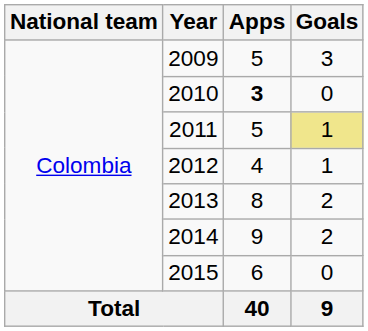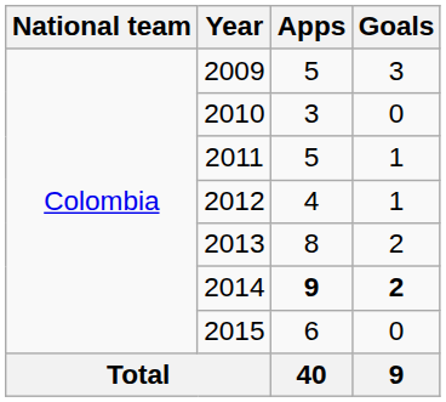 <table class="wikitable" style="text-align:center">
 <tr>
 <th>National team</th>
 <th>Year</th>
 <th>Apps</th>
 <th>Goals</th>
 </tr>
 <tr>
 <td rowspan="7"><a href='#'>Colombia</a></td>
 <td>2009</td>
 <td>5</td>
 <td>3</td>
 </tr>
 <tr>
 <td>2010</td>
-<td><strong>3</strong></td>
+<td>3</td>
 <td>0</td>
 </tr>
 <tr>
 <td>2011</td>
 <td>5</td>
-<td style="background: khaki;">1</td>
+<td>1</td>
 </tr>
 <tr>
 <td>2012</td>
 <td>4</td>
 <td>1</td>
 </tr>
 <tr>
 <td>2013</td>
 <td>8</td>
 <td>2</td>
 </tr>
 <tr>
 <td>2014</td>
-<td>9</td>
-<td>2</td>
+<td><strong>9</strong></td>
+<td><strong>2</strong></td>
 </tr>
 <tr>
 <td>2015</td>
 <td>6</td>
 <td>0</td>
 </tr>
 <tr>
 <th colspan="2">Total</th>
 <th>40</th>
 <th>9</th>
 </tr>
 </table>
